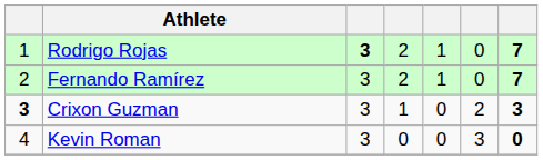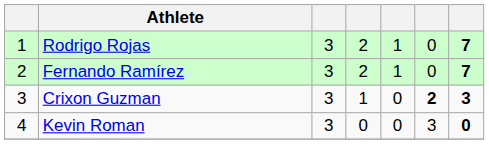 <table class="wikitable" style="text-align: center; font-size:100% ">
 <tr>
 <th width=25></th>
 <th width=250>Athlete</th>
 <th width=25></th>
 <th width=25></th>
 <th width=25></th>
 <th width=25></th>
 <th width=25></th>
 </tr>
 <tr bgcolor="ccffcc">
 <td>1</td>
 <td align=left> <a href='#'>Rodrigo Rojas</a></td>
-<td><strong>3</strong></td>
+<td>3</td>
 <td>2</td>
 <td>1</td>
 <td>0</td>
 <td><strong>7</strong></td>
 </tr>
 <tr bgcolor="ccffcc">
 <td>2</td>
 <td align=left> <a href='#'>Fernando Ramírez</a></td>
 <td>3</td>
 <td>2</td>
 <td>1</td>
 <td>0</td>
 <td><strong>7</strong></td>
 </tr>
 <tr>
-<td><strong>3</strong></td>
+<td>3</td>
 <td align=left> <a href='#'>Crixon Guzman</a></td>
 <td>3</td>
 <td>1</td>
 <td>0</td>
-<td>2</td>
+<td><strong>2</strong></td>
 <td><strong>3</strong></td>
 </tr>
 <tr>
 <td>4</td>
 <td align=left> <a href='#'>Kevin Roman</a></td>
 <td>3</td>
 <td>0</td>
 <td>0</td>
 <td>3</td>
 <td><strong>0</strong></td>
 </tr>
 <tr>
 </tr>
 </table>
